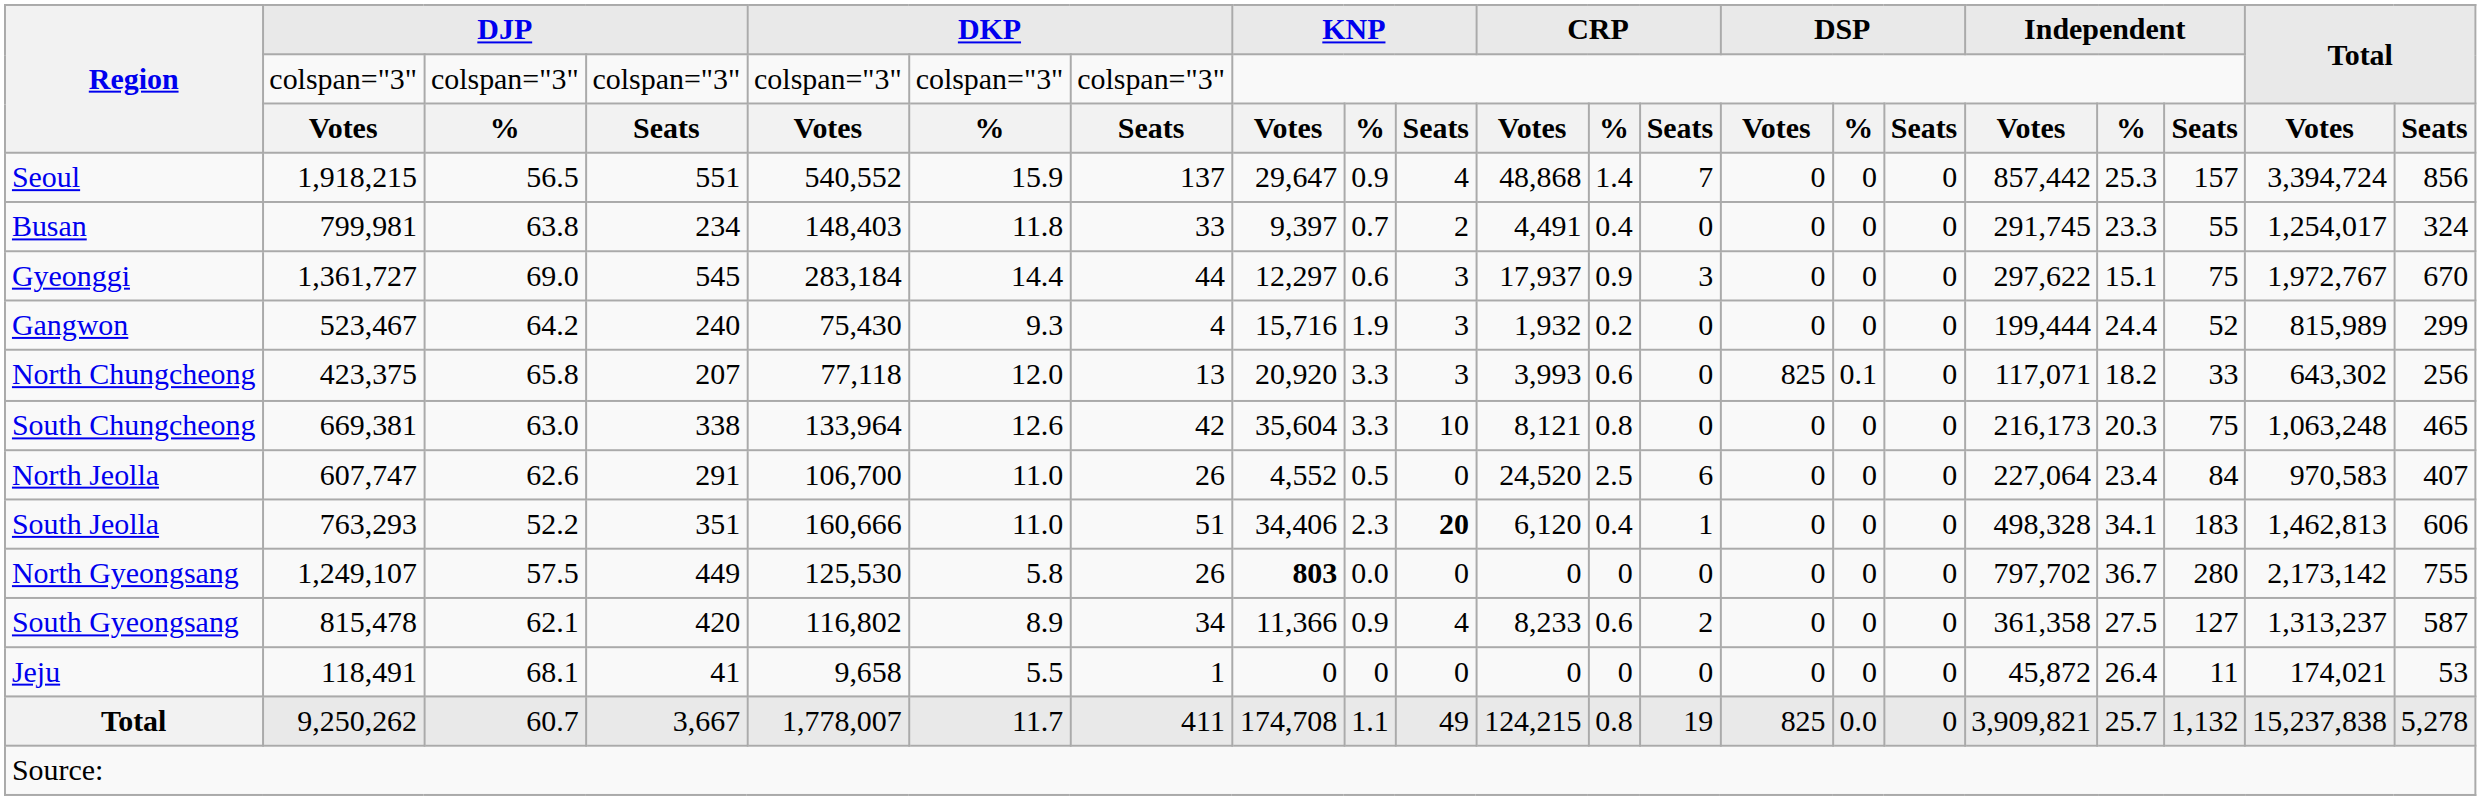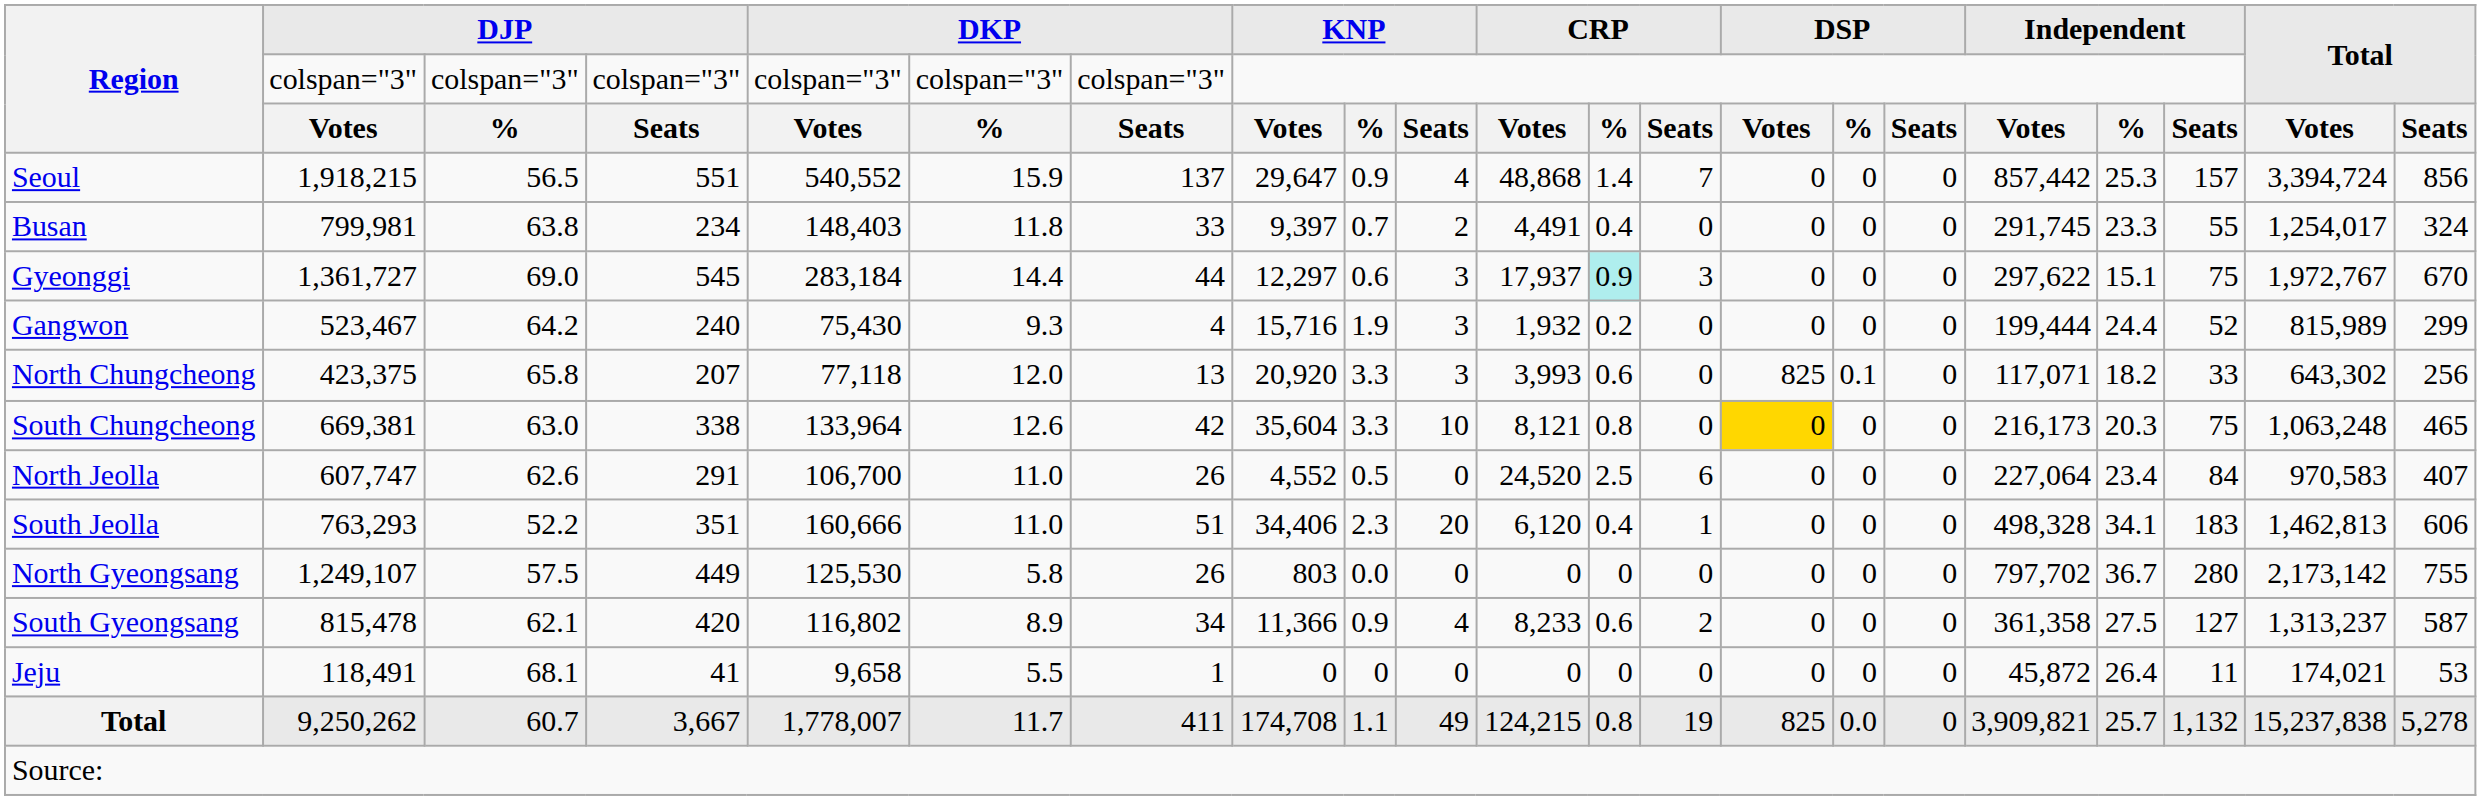 <table class="wikitable" style="text-align:right; font-size:95%">
 <tr>
 <th rowspan="3"><a href='#'>Region</a></th>
 <th colspan="3" align="center" style="background: #E9E9E9"><a href='#'>DJP</a></th>
 <th colspan="3" align="center" style="background: #E9E9E9"><a href='#'>DKP</a></th>
 <th colspan="3" align="center" style="background: #E9E9E9"><a href='#'>KNP</a></th>
 <th colspan="3" align="center" style="background: #E9E9E9">CRP</th>
 <th colspan="3" align="center" style="background: #E9E9E9">DSP</th>
 <th colspan="3" align="center" style="background: #E9E9E9">Independent</th>
 <th rowspan="2" colspan="2" align="center" style="background: #E9E9E9">Total</th>
 </tr>
 <tr>
 <td>colspan="3" </td>
 <td>colspan="3" </td>
 <td>colspan="3" </td>
 <td>colspan="3" </td>
 <td>colspan="3" </td>
 <td>colspan="3" </td>
 </tr>
 <tr>
 <th width="50px">Votes</th>
 <th width="10px">%</th>
 <th width="20px">Seats</th>
 <th width="50px">Votes</th>
 <th width="10px">%</th>
 <th width="20px">Seats</th>
 <th width="50px">Votes</th>
 <th width="10px">%</th>
 <th width="20px">Seats</th>
 <th width="50px">Votes</th>
 <th width="10px">%</th>
 <th width="20px">Seats</th>
 <th width="50px">Votes</th>
 <th width="10px">%</th>
 <th width="20px">Seats</th>
 <th width="50px">Votes</th>
 <th width="10px">%</th>
 <th width="20px">Seats</th>
 <th width="50px">Votes</th>
 <th width="20px">Seats</th>
 </tr>
 <tr>
 <td align="left"><a href='#'>Seoul</a></td>
 <td>1,918,215</td>
 <td>56.5</td>
 <td>551</td>
 <td>540,552</td>
 <td>15.9</td>
 <td>137</td>
 <td>29,647</td>
 <td>0.9</td>
 <td>4</td>
 <td>48,868</td>
 <td>1.4</td>
 <td>7</td>
 <td>0</td>
 <td>0</td>
 <td>0</td>
 <td>857,442</td>
 <td>25.3</td>
 <td>157</td>
 <td>3,394,724</td>
 <td>856</td>
 </tr>
 <tr>
 <td align="left"><a href='#'>Busan</a></td>
 <td>799,981</td>
 <td>63.8</td>
 <td>234</td>
 <td>148,403</td>
 <td>11.8</td>
 <td>33</td>
 <td>9,397</td>
 <td>0.7</td>
 <td>2</td>
 <td>4,491</td>
 <td>0.4</td>
 <td>0</td>
 <td>0</td>
 <td>0</td>
 <td>0</td>
 <td>291,745</td>
 <td>23.3</td>
 <td>55</td>
 <td>1,254,017</td>
 <td>324</td>
 </tr>
 <tr>
 <td align="left"><a href='#'>Gyeonggi</a></td>
 <td>1,361,727</td>
 <td>69.0</td>
 <td>545</td>
 <td>283,184</td>
 <td>14.4</td>
 <td>44</td>
 <td>12,297</td>
 <td>0.6</td>
 <td>3</td>
 <td>17,937</td>
-<td>0.9</td>
+<td style="background: paleturquoise;">0.9</td>
 <td>3</td>
 <td>0</td>
 <td>0</td>
 <td>0</td>
 <td>297,622</td>
 <td>15.1</td>
 <td>75</td>
 <td>1,972,767</td>
 <td>670</td>
 </tr>
 <tr>
 <td align="left"><a href='#'>Gangwon</a></td>
 <td>523,467</td>
 <td>64.2</td>
 <td>240</td>
 <td>75,430</td>
 <td>9.3</td>
 <td>4</td>
 <td>15,716</td>
 <td>1.9</td>
 <td>3</td>
 <td>1,932</td>
 <td>0.2</td>
 <td>0</td>
 <td>0</td>
 <td>0</td>
 <td>0</td>
 <td>199,444</td>
 <td>24.4</td>
 <td>52</td>
 <td>815,989</td>
 <td>299</td>
 </tr>
 <tr>
 <td align="left"><a href='#'>North Chungcheong</a></td>
 <td>423,375</td>
 <td>65.8</td>
 <td>207</td>
 <td>77,118</td>
 <td>12.0</td>
 <td>13</td>
 <td>20,920</td>
 <td>3.3</td>
 <td>3</td>
 <td>3,993</td>
 <td>0.6</td>
 <td>0</td>
 <td>825</td>
 <td>0.1</td>
 <td>0</td>
 <td>117,071</td>
 <td>18.2</td>
 <td>33</td>
 <td>643,302</td>
 <td>256</td>
 </tr>
 <tr>
 <td align="left"><a href='#'>South Chungcheong</a></td>
 <td>669,381</td>
 <td>63.0</td>
 <td>338</td>
 <td>133,964</td>
 <td>12.6</td>
 <td>42</td>
 <td>35,604</td>
 <td>3.3</td>
 <td>10</td>
 <td>8,121</td>
 <td>0.8</td>
 <td>0</td>
-<td>0</td>
+<td style="background: gold;">0</td>
 <td>0</td>
 <td>0</td>
 <td>216,173</td>
 <td>20.3</td>
 <td>75</td>
 <td>1,063,248</td>
 <td>465</td>
 </tr>
 <tr>
 <td align="left"><a href='#'>North Jeolla</a></td>
 <td>607,747</td>
 <td>62.6</td>
 <td>291</td>
 <td>106,700</td>
 <td>11.0</td>
 <td>26</td>
 <td>4,552</td>
 <td>0.5</td>
 <td>0</td>
 <td>24,520</td>
 <td>2.5</td>
 <td>6</td>
 <td>0</td>
 <td>0</td>
 <td>0</td>
 <td>227,064</td>
 <td>23.4</td>
 <td>84</td>
 <td>970,583</td>
 <td>407</td>
 </tr>
 <tr>
 <td align="left"><a href='#'>South Jeolla</a></td>
 <td>763,293</td>
 <td>52.2</td>
 <td>351</td>
 <td>160,666</td>
 <td>11.0</td>
 <td>51</td>
 <td>34,406</td>
 <td>2.3</td>
-<td><strong>20</strong></td>
+<td>20</td>
 <td>6,120</td>
 <td>0.4</td>
 <td>1</td>
 <td>0</td>
 <td>0</td>
 <td>0</td>
 <td>498,328</td>
 <td>34.1</td>
 <td>183</td>
 <td>1,462,813</td>
 <td>606</td>
 </tr>
 <tr>
 <td align="left"><a href='#'>North Gyeongsang</a></td>
 <td>1,249,107</td>
 <td>57.5</td>
 <td>449</td>
 <td>125,530</td>
 <td>5.8</td>
 <td>26</td>
-<td><strong>803</strong></td>
+<td>803</td>
 <td>0.0</td>
 <td>0</td>
 <td>0</td>
 <td>0</td>
 <td>0</td>
 <td>0</td>
 <td>0</td>
 <td>0</td>
 <td>797,702</td>
 <td>36.7</td>
 <td>280</td>
 <td>2,173,142</td>
 <td>755</td>
 </tr>
 <tr>
 <td align="left"><a href='#'>South Gyeongsang</a></td>
 <td>815,478</td>
 <td>62.1</td>
 <td>420</td>
 <td>116,802</td>
 <td>8.9</td>
 <td>34</td>
 <td>11,366</td>
 <td>0.9</td>
 <td>4</td>
 <td>8,233</td>
 <td>0.6</td>
 <td>2</td>
 <td>0</td>
 <td>0</td>
 <td>0</td>
 <td>361,358</td>
 <td>27.5</td>
 <td>127</td>
 <td>1,313,237</td>
 <td>587</td>
 </tr>
 <tr>
 <td align="left"><a href='#'>Jeju</a></td>
 <td>118,491</td>
 <td>68.1</td>
 <td>41</td>
 <td>9,658</td>
 <td>5.5</td>
 <td>1</td>
 <td>0</td>
 <td>0</td>
 <td>0</td>
 <td>0</td>
 <td>0</td>
 <td>0</td>
 <td>0</td>
 <td>0</td>
 <td>0</td>
 <td>45,872</td>
 <td>26.4</td>
 <td>11</td>
 <td>174,021</td>
 <td>53</td>
 </tr>
 <tr style="background:#E9E9E9">
 <th align="left"><strong>Total</strong></th>
 <td>9,250,262</td>
 <td>60.7</td>
 <td>3,667</td>
 <td>1,778,007</td>
 <td>11.7</td>
 <td>411</td>
 <td>174,708</td>
 <td>1.1</td>
 <td>49</td>
 <td>124,215</td>
 <td>0.8</td>
 <td>19</td>
 <td>825</td>
 <td>0.0</td>
 <td>0</td>
 <td>3,909,821</td>
 <td>25.7</td>
 <td>1,132</td>
 <td>15,237,838</td>
 <td>5,278</td>
 </tr>
 <tr>
 <td colspan="21" align="left">Source: </td>
 </tr>
 </table>
